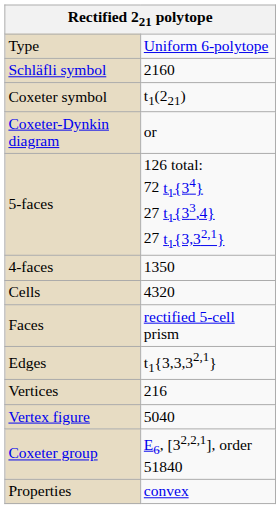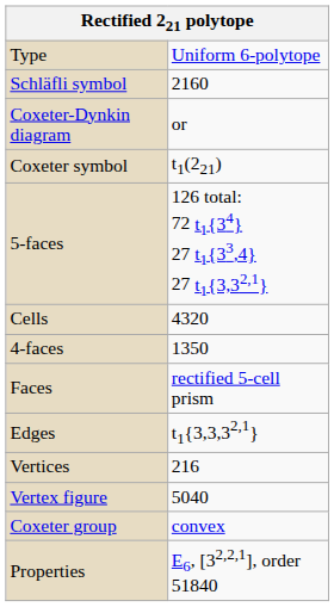 <table class="wikitable" align="right" style="margin-left:10px" width="280">
 <tr>
 <th bgcolor=#e7dcc3 colspan=2>Rectified 2<sub>21</sub> polytope</th>
 </tr>
 <tr>
 <td bgcolor=#e7dcc3>Type</td>
 <td><a href='#'>Uniform 6-polytope</a></td>
 </tr>
 <tr>
 <td bgcolor=#e7dcc3><a href='#'>Schläfli symbol</a></td>
 <td>2160</td>
 </tr>
 <tr>
+<td bgcolor=#e7dcc3><a href='#'>Coxeter-Dynkin diagram</a></td>
+<td> or </td>
+</tr>
+<tr>
 <td bgcolor=#e7dcc3>Coxeter symbol</td>
 <td>t<sub>1</sub>(2<sub>21</sub>)</td>
-</tr>
-<tr>
-<td bgcolor=#e7dcc3><a href='#'>Coxeter-Dynkin diagram</a></td>
-<td> or </td>
 </tr>
 <tr>
 <td bgcolor=#e7dcc3>5-faces</td>
 <td>126 total:<br>72 <a href='#'>t<sub>1</sub>{3<sup>4</sup>}</a> <br> 27 <a href='#'>t<sub>1</sub>{3<sup>3</sup>,4}</a> <br> 27 <a href='#'>t<sub>1</sub>{3,3<sup>2,1</sup>}</a> </td>
 </tr>
 <tr>
+<td bgcolor=#e7dcc3>Cells</td>
+<td>4320</td>
+</tr>
+<tr>
 <td bgcolor=#e7dcc3>4-faces</td>
 <td>1350</td>
-</tr>
-<tr>
-<td bgcolor=#e7dcc3>Cells</td>
-<td>4320</td>
 </tr>
 <tr>
 <td bgcolor=#e7dcc3>Faces</td>
 <td><a href='#'>rectified 5-cell</a> prism</td>
 </tr>
 <tr>
 <td bgcolor=#e7dcc3>Edges</td>
 <td>t<sub>1</sub>{3,3,3<sup>2,1</sup>}</td>
 </tr>
 <tr>
 <td bgcolor=#e7dcc3>Vertices</td>
 <td>216</td>
 </tr>
 <tr>
 <td bgcolor=#e7dcc3><a href='#'>Vertex figure</a></td>
 <td>5040</td>
 </tr>
 <tr>
 <td bgcolor=#e7dcc3><a href='#'>Coxeter group</a></td>
-<td><a href='#'>E<sub>6</sub></a>, [3<sup>2,2,1</sup>], order 51840</td>
+<td><a href='#'>convex</a></td>
 </tr>
 <tr>
 <td bgcolor=#e7dcc3>Properties</td>
-<td><a href='#'>convex</a></td>
+<td><a href='#'>E<sub>6</sub></a>, [3<sup>2,2,1</sup>], order 51840</td>
 </tr>
 </table>
